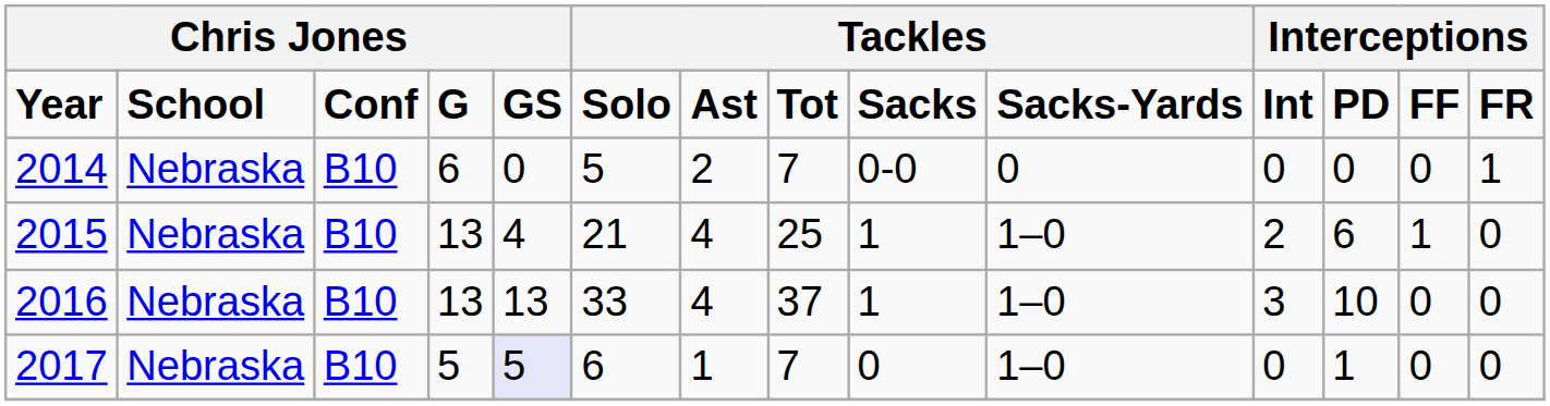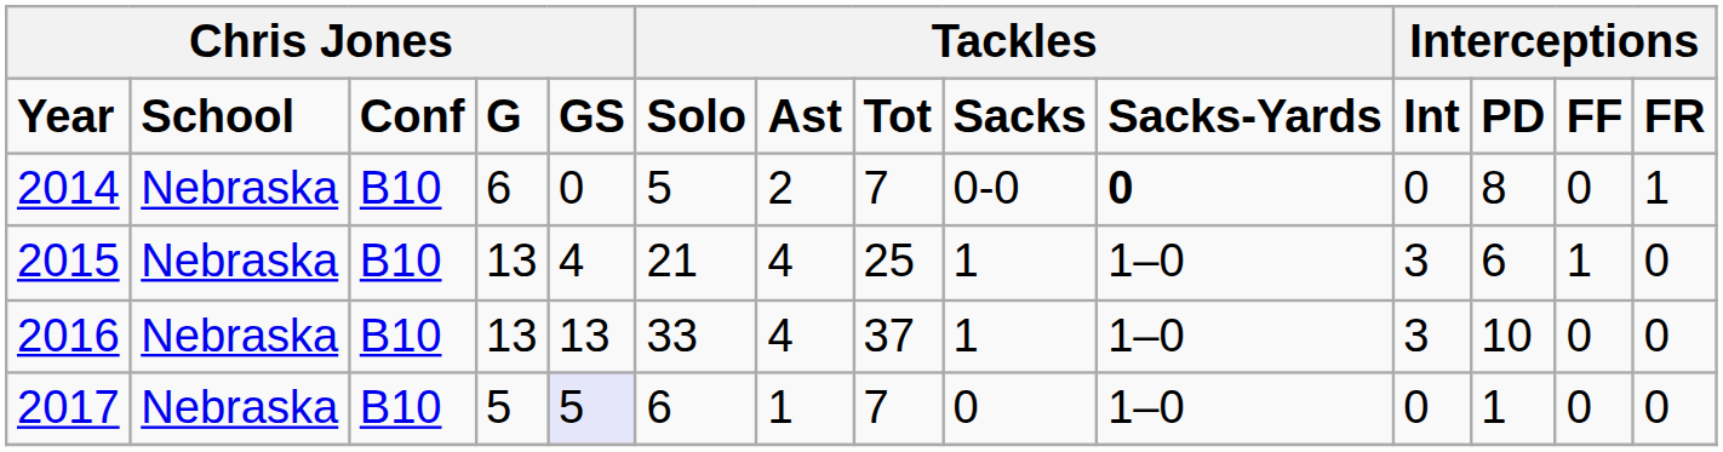 <table class="wikitable">
 <tr>
 <th colspan="5" style="text-align: center; font-weight:bold;">Chris Jones</th>
 <th colspan="5" style="text-align: center; font-weight:bold;">Tackles</th>
 <th colspan="4" style="text-align: center; font-weight:bold;">Interceptions</th>
 </tr>
 <tr>
 <td style="font-weight:bold;">Year</td>
 <td style="font-weight:bold;">School</td>
 <td style="font-weight:bold;">Conf</td>
 <td style="font-weight:bold;">G</td>
 <td style="font-weight:bold;">GS</td>
 <td style="font-weight:bold;">Solo</td>
 <td style="font-weight:bold;">Ast</td>
 <td style="font-weight:bold;">Tot</td>
 <td style="font-weight:bold;">Sacks</td>
 <td style="font-weight:bold;">Sacks-Yards</td>
 <td style="font-weight:bold;">Int</td>
 <td style="font-weight:bold;">PD</td>
 <td style="font-weight:bold;">FF</td>
 <td style="font-weight:bold;">FR</td>
 </tr>
 <tr>
 <td><a href='#'>2014</a></td>
 <td><a href='#'>Nebraska</a></td>
 <td><a href='#'>B10</a></td>
 <td>6</td>
 <td>0</td>
 <td>5</td>
 <td>2</td>
 <td>7</td>
 <td>0-0</td>
+<td><strong>0</strong></td>
 <td>0</td>
-<td>0</td>
-<td>0</td>
+<td>8</td>
 <td>0</td>
 <td>1</td>
 </tr>
 <tr>
 <td><a href='#'>2015</a></td>
 <td><a href='#'>Nebraska</a></td>
 <td><a href='#'>B10</a></td>
 <td>13</td>
 <td>4</td>
 <td>21</td>
 <td>4</td>
 <td>25</td>
 <td>1</td>
 <td>1–0</td>
-<td>2</td>
+<td>3</td>
 <td>6</td>
 <td>1</td>
 <td>0</td>
 </tr>
 <tr>
 <td><a href='#'>2016</a></td>
 <td><a href='#'>Nebraska</a></td>
 <td><a href='#'>B10</a></td>
 <td>13</td>
 <td>13</td>
 <td>33</td>
 <td>4</td>
 <td>37</td>
 <td>1</td>
 <td>1–0</td>
 <td>3</td>
 <td>10</td>
 <td>0</td>
 <td>0</td>
 </tr>
 <tr>
 <td><a href='#'>2017</a></td>
 <td><a href='#'>Nebraska</a></td>
 <td><a href='#'>B10</a></td>
 <td>5</td>
 <td style="background: lavender;">5</td>
 <td>6</td>
 <td>1</td>
 <td>7</td>
 <td>0</td>
 <td>1–0</td>
 <td>0</td>
 <td>1</td>
 <td>0</td>
 <td>0</td>
 </tr>
 <tr>
 </tr>
 </table>
